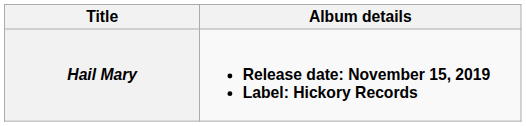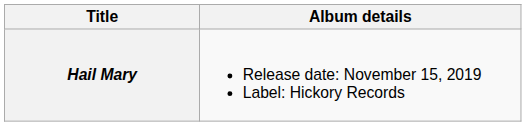 <table class="wikitable plainrowheaders">
 <tr>
 <th style="width:12em;">Title</th>
 <th style="width:20em;">Album details</th>
 </tr>
 <tr>
 <th scope="row"><em>Hail Mary</em></th>
-<td><strong><br><ul><li>Release date: November 15, 2019</li><li>Label: Hickory Records</li></ul></strong></td>
+<td><br><ul><li>Release date: November 15, 2019</li><li>Label: Hickory Records</li></ul></td>
 </tr>
 </table>
